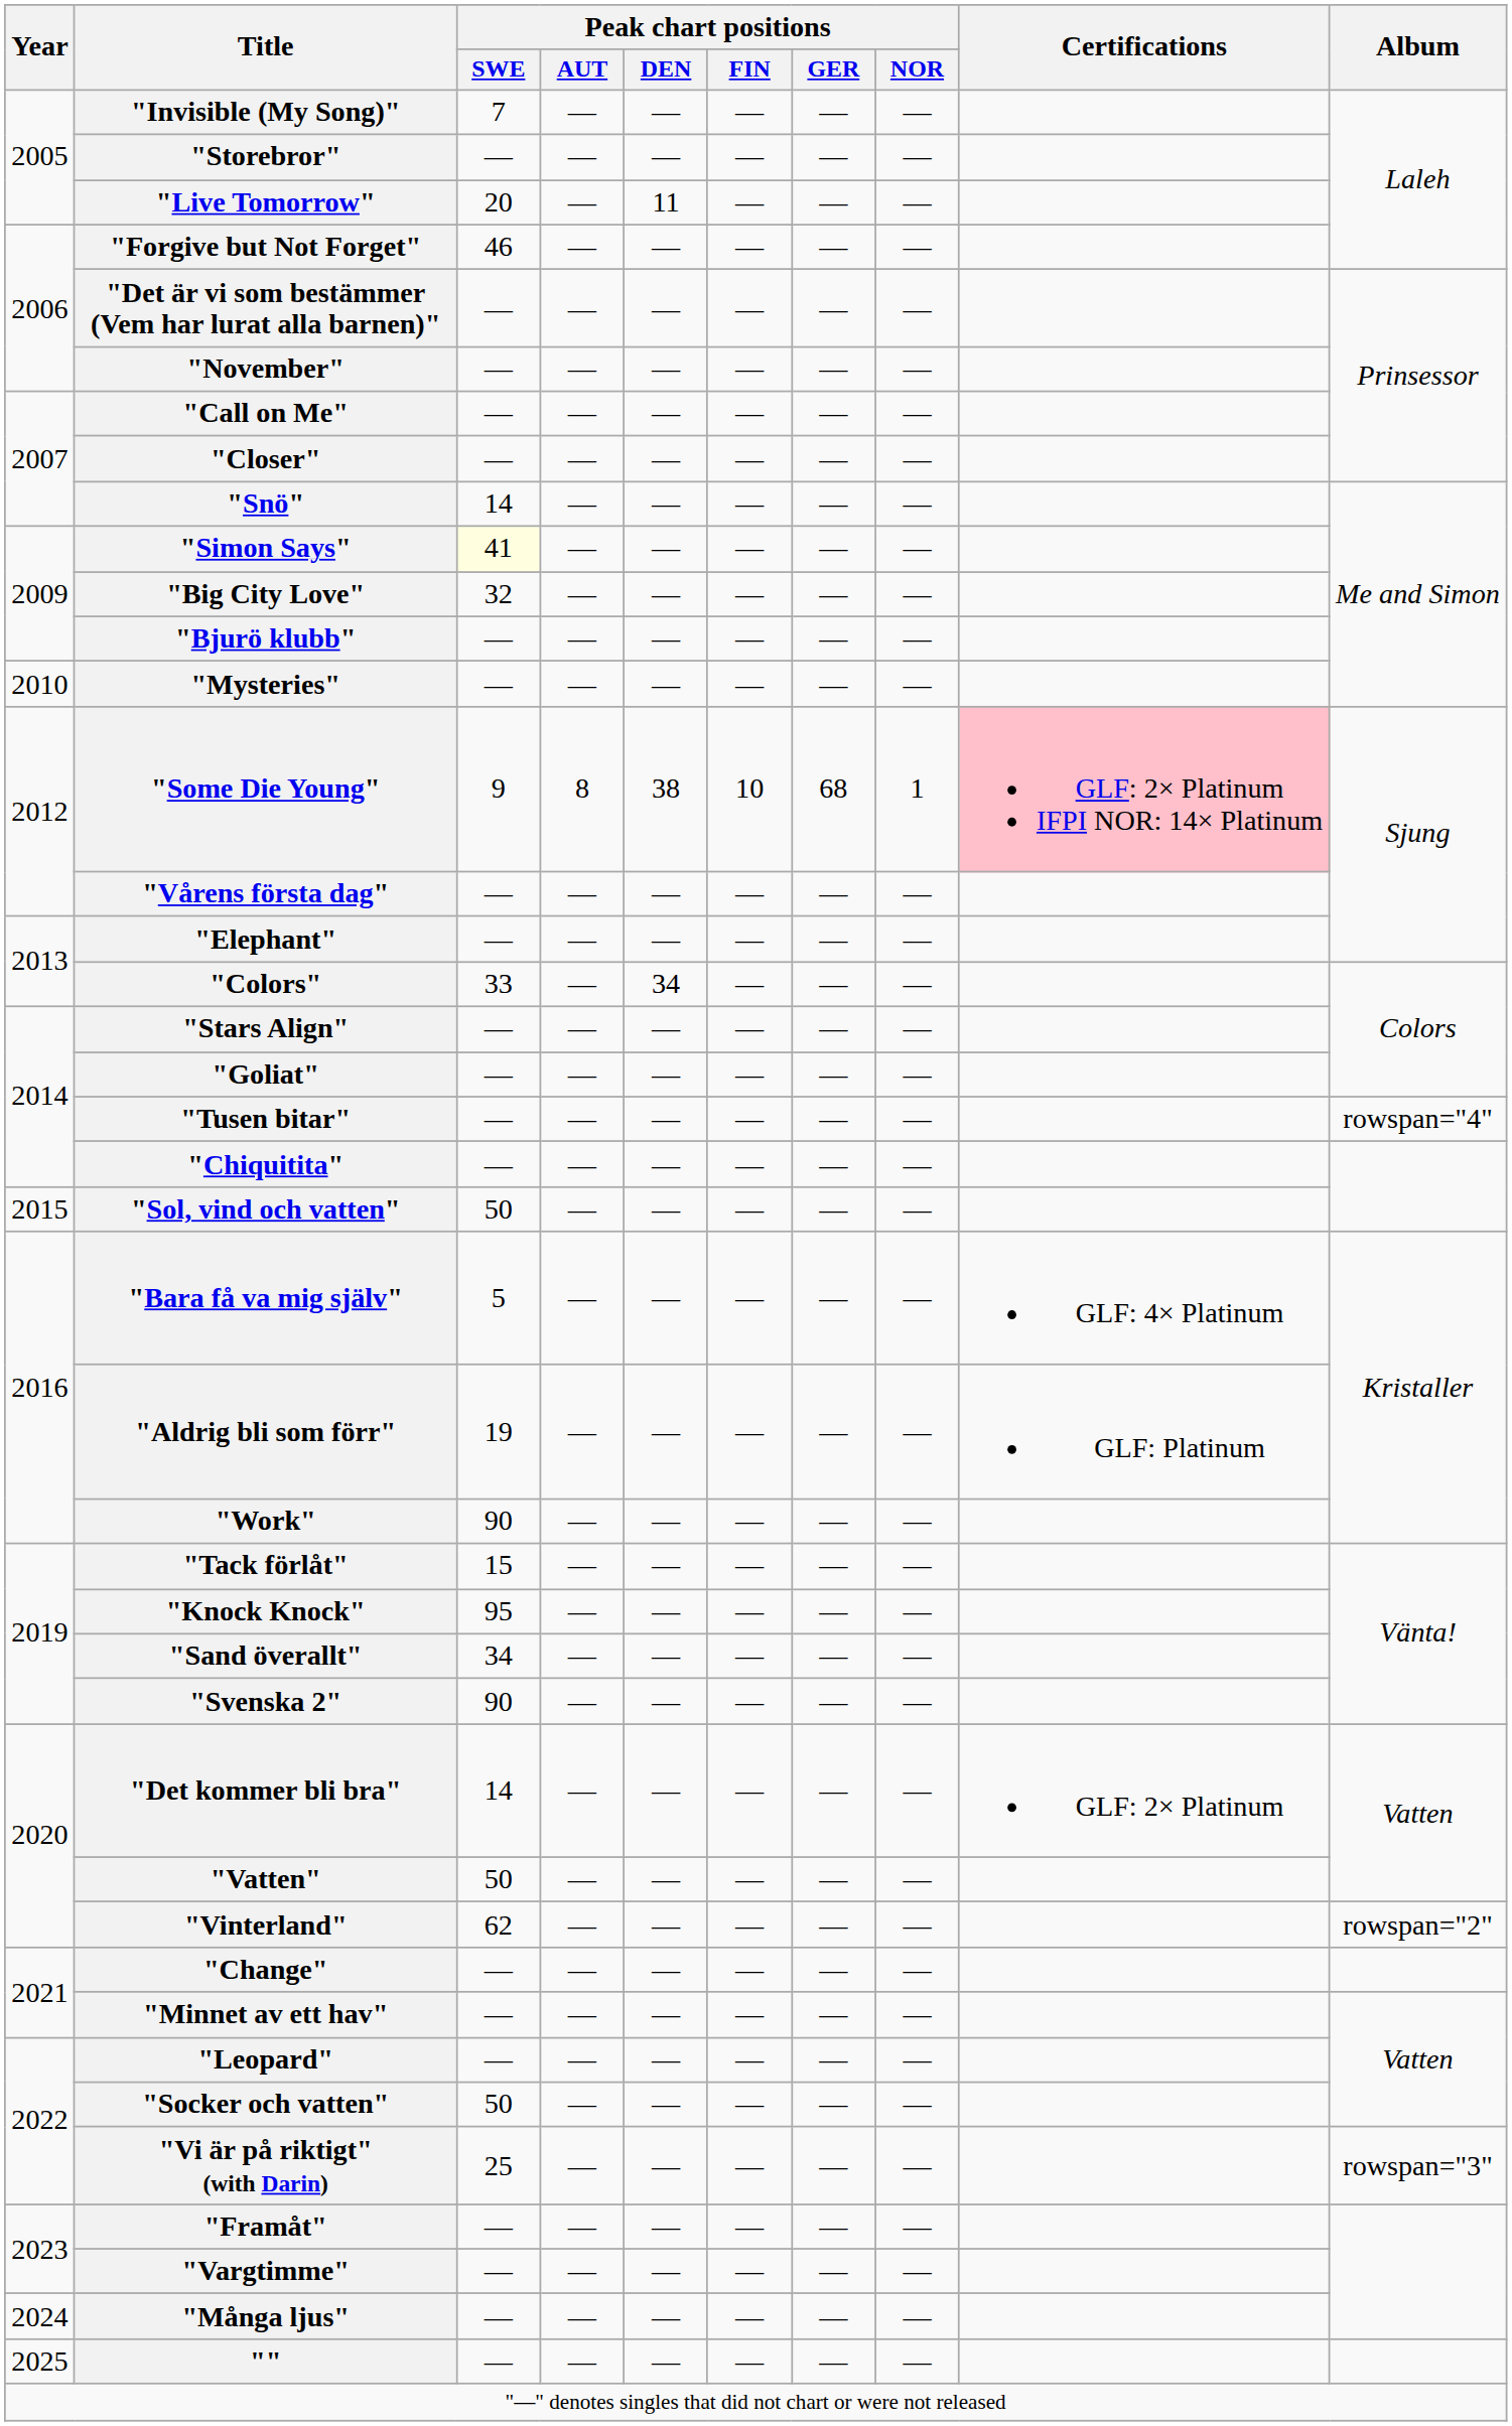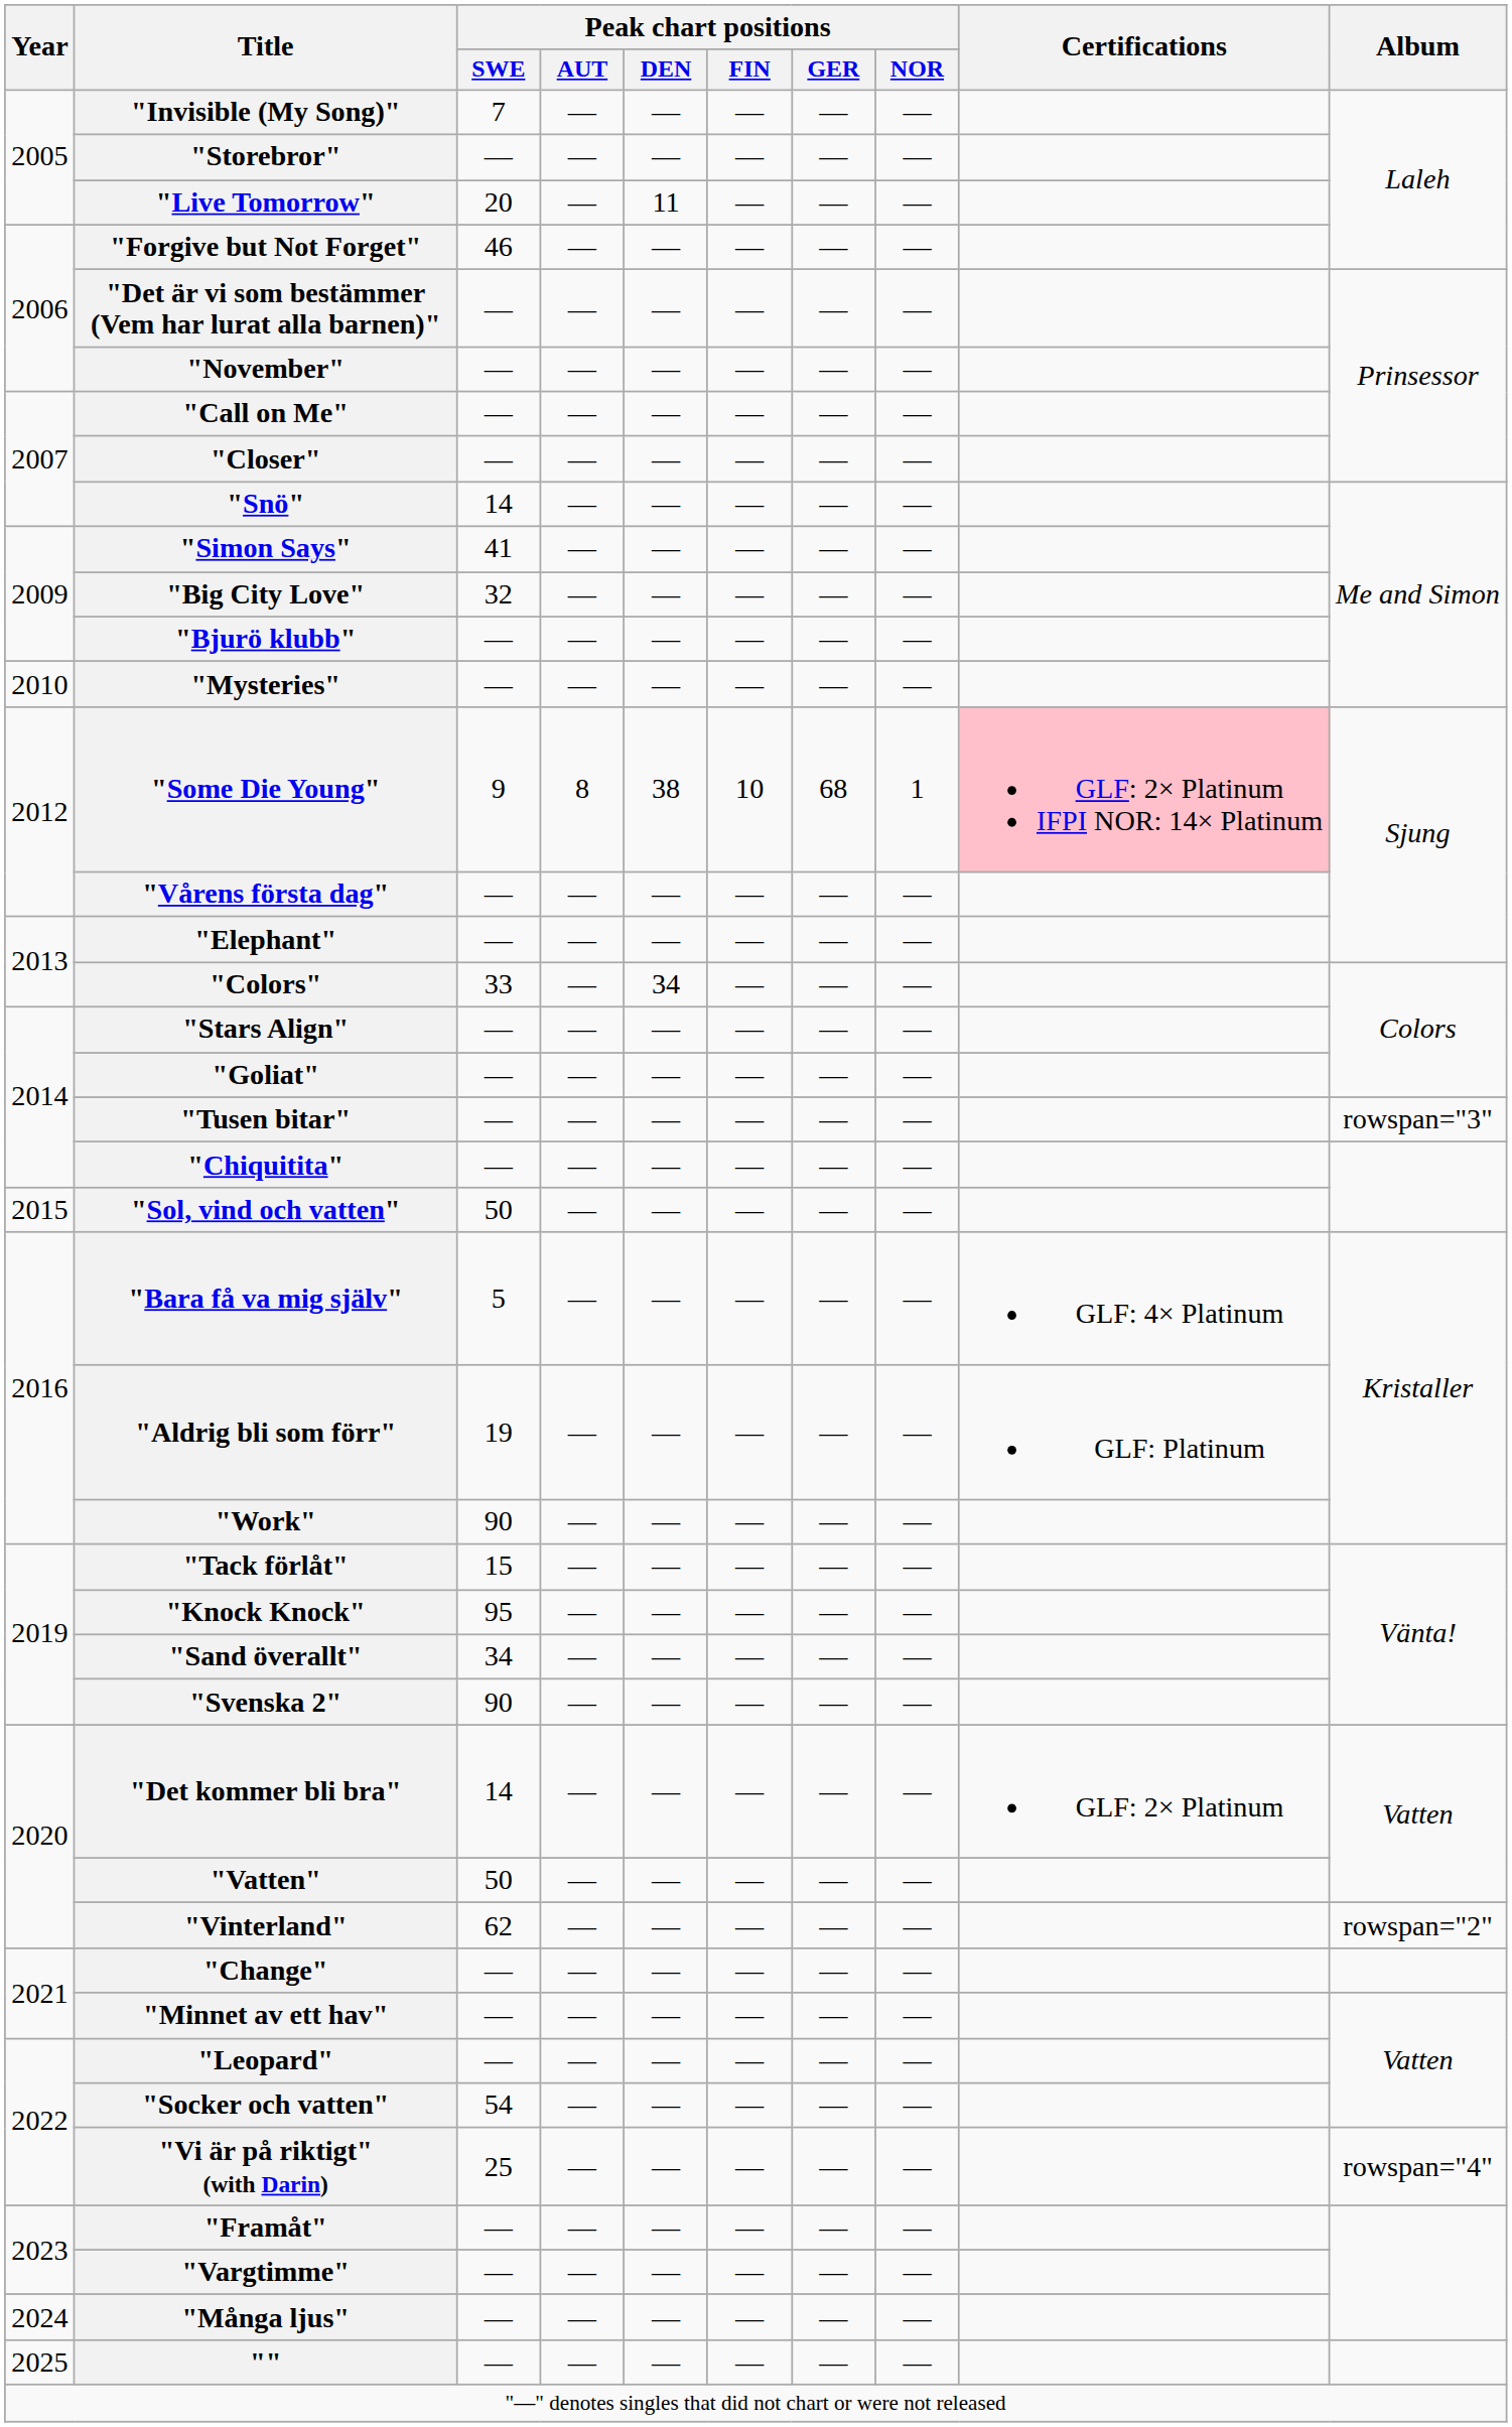 <table class="wikitable plainrowheaders" style="text-align:center;">
 <tr>
 <th scope="col" rowspan="2">Year</th>
 <th scope="colw" rowspan="2" style="width:13em;">Title</th>
 <th scope="col" colspan="6">Peak chart positions</th>
 <th scope="col" rowspan="2">Certifications</th>
 <th scope="col" rowspan="2">Album</th>
 </tr>
 <tr>
 <th scope="col" style="width:3em;font-size:85%;"><a href='#'>SWE</a><br></th>
 <th scope="col" style="width:3em;font-size:85%;"><a href='#'>AUT</a><br></th>
 <th scope="col" style="width:3em;font-size:85%;"><a href='#'>DEN</a><br></th>
 <th scope="col" style="width:3em;font-size:85%;"><a href='#'>FIN</a><br></th>
 <th scope="col" style="width:3em;font-size:85%;"><a href='#'>GER</a><br></th>
 <th scope="col" style="width:3em;font-size:85%;"><a href='#'>NOR</a><br></th>
 </tr>
 <tr>
 <td rowspan="3">2005</td>
 <th scope="row">"Invisible (My Song)"</th>
 <td>7</td>
 <td>—</td>
 <td>—</td>
 <td>—</td>
 <td>—</td>
 <td>—</td>
 <td></td>
 <td rowspan="4"><em>Laleh</em></td>
 </tr>
 <tr>
 <th scope="row">"Storebror"</th>
 <td>—</td>
 <td>—</td>
 <td>—</td>
 <td>—</td>
 <td>—</td>
 <td>—</td>
 <td></td>
 </tr>
 <tr>
 <th scope="row">"<a href='#'>Live Tomorrow</a>"</th>
 <td>20</td>
 <td>—</td>
 <td>11</td>
 <td>—</td>
 <td>—</td>
 <td>—</td>
 <td></td>
 </tr>
 <tr>
 <td rowspan="3">2006</td>
 <th scope="row">"Forgive but Not Forget"</th>
 <td>46</td>
 <td>—</td>
 <td>—</td>
 <td>—</td>
 <td>—</td>
 <td>—</td>
 <td></td>
 </tr>
 <tr>
 <th scope="row">"Det är vi som bestämmer <br>(Vem har lurat alla barnen)"</th>
 <td>—</td>
 <td>—</td>
 <td>—</td>
 <td>—</td>
 <td>—</td>
 <td>—</td>
 <td></td>
 <td rowspan="4"><em>Prinsessor</em></td>
 </tr>
 <tr>
 <th scope="row">"November"</th>
 <td>—</td>
 <td>—</td>
 <td>—</td>
 <td>—</td>
 <td>—</td>
 <td>—</td>
 <td></td>
 </tr>
 <tr>
 <td rowspan="3">2007</td>
 <th scope="row">"Call on Me"</th>
 <td>—</td>
 <td>—</td>
 <td>—</td>
 <td>—</td>
 <td>—</td>
 <td>—</td>
 <td></td>
 </tr>
 <tr>
 <th scope="row">"Closer"</th>
 <td>—</td>
 <td>—</td>
 <td>—</td>
 <td>—</td>
 <td>—</td>
 <td>—</td>
 <td></td>
 </tr>
 <tr>
 <th scope="row">"<a href='#'>Snö</a>"</th>
 <td>14</td>
 <td>—</td>
 <td>—</td>
 <td>—</td>
 <td>—</td>
 <td>—</td>
 <td></td>
 <td rowspan="5"><em>Me and Simon</em></td>
 </tr>
 <tr>
 <td rowspan="3">2009</td>
 <th scope="row">"<a href='#'>Simon Says</a>"</th>
-<td style="background: lightyellow;">41</td>
+<td>41</td>
 <td>—</td>
 <td>—</td>
 <td>—</td>
 <td>—</td>
 <td>—</td>
 <td></td>
 </tr>
 <tr>
 <th scope="row">"Big City Love"</th>
 <td>32</td>
 <td>—</td>
 <td>—</td>
 <td>—</td>
 <td>—</td>
 <td>—</td>
 <td></td>
 </tr>
 <tr>
 <th scope="row">"<a href='#'>Bjurö klubb</a>"</th>
 <td>—</td>
 <td>—</td>
 <td>—</td>
 <td>—</td>
 <td>—</td>
 <td>—</td>
 <td></td>
 </tr>
 <tr>
 <td>2010</td>
 <th scope="row">"Mysteries"</th>
 <td>—</td>
 <td>—</td>
 <td>—</td>
 <td>—</td>
 <td>—</td>
 <td>—</td>
 <td></td>
 </tr>
 <tr>
 <td rowspan="2">2012</td>
 <th scope="row">"<a href='#'>Some Die Young</a>"</th>
 <td>9</td>
 <td>8</td>
 <td>38</td>
 <td>10</td>
 <td>68</td>
 <td>1</td>
 <td style="background: pink;"><br><ul><li><a href='#'>GLF</a>: 2× Platinum</li><li><a href='#'>IFPI</a> NOR: 14× Platinum</li></ul></td>
 <td rowspan="3"><em>Sjung</em></td>
 </tr>
 <tr>
 <th scope="row">"<a href='#'>Vårens första dag</a>"</th>
 <td>—</td>
 <td>—</td>
 <td>—</td>
 <td>—</td>
 <td>—</td>
 <td>—</td>
 <td></td>
 </tr>
 <tr>
 <td rowspan=2>2013</td>
 <th scope="row">"Elephant"</th>
 <td>—</td>
 <td>—</td>
 <td>—</td>
 <td>—</td>
 <td>—</td>
 <td>—</td>
 <td></td>
 </tr>
 <tr>
 <th scope="row">"Colors"</th>
 <td>33</td>
 <td>—</td>
 <td>34</td>
 <td>—</td>
 <td>—</td>
 <td>—</td>
 <td></td>
 <td rowspan="3"><em>Colors</em></td>
 </tr>
 <tr>
 <td rowspan=4>2014</td>
 <th scope="row">"Stars Align"</th>
 <td>—</td>
 <td>—</td>
 <td>—</td>
 <td>—</td>
 <td>—</td>
 <td>—</td>
 <td></td>
 </tr>
 <tr>
 <th scope="row">"Goliat"</th>
 <td>—</td>
 <td>—</td>
 <td>—</td>
 <td>—</td>
 <td>—</td>
 <td>—</td>
 <td></td>
 </tr>
 <tr>
 <th scope="row">"Tusen bitar"</th>
 <td>—</td>
 <td>—</td>
 <td>—</td>
 <td>—</td>
 <td>—</td>
 <td>—</td>
 <td></td>
-<td>rowspan="4" </td>
+<td>rowspan="3" </td>
 </tr>
 <tr>
 <th scope="row">"<a href='#'>Chiquitita</a>"</th>
 <td>—</td>
 <td>—</td>
 <td>—</td>
 <td>—</td>
 <td>—</td>
 <td>—</td>
 <td></td>
 </tr>
 <tr>
 <td>2015</td>
 <th scope="row">"<a href='#'>Sol, vind och vatten</a>"</th>
 <td>50</td>
 <td>—</td>
 <td>—</td>
 <td>—</td>
 <td>—</td>
 <td>—</td>
 <td></td>
 </tr>
 <tr>
 <td rowspan="3">2016</td>
 <th scope="row">"<a href='#'>Bara få va mig själv</a>"</th>
 <td>5</td>
 <td>—</td>
 <td>—</td>
 <td>—</td>
 <td>—</td>
 <td>—</td>
 <td><br><ul><li>GLF: 4× Platinum</li></ul></td>
 <td rowspan="3"><em>Kristaller</em></td>
 </tr>
 <tr>
 <th scope="row">"Aldrig bli som förr"</th>
 <td>19</td>
 <td>—</td>
 <td>—</td>
 <td>—</td>
 <td>—</td>
 <td>—</td>
 <td><br><ul><li>GLF: Platinum</li></ul></td>
 </tr>
 <tr>
 <th scope="row">"Work"</th>
 <td>90</td>
 <td>—</td>
 <td>—</td>
 <td>—</td>
 <td>—</td>
 <td>—</td>
 <td></td>
 </tr>
 <tr>
 <td rowspan="4">2019</td>
 <th scope="row">"Tack förlåt"</th>
 <td>15</td>
 <td>—</td>
 <td>—</td>
 <td>—</td>
 <td>—</td>
 <td>—</td>
 <td></td>
 <td rowspan="4"><em>Vänta!</em></td>
 </tr>
 <tr>
 <th scope="row">"Knock Knock"</th>
 <td>95</td>
 <td>—</td>
 <td>—</td>
 <td>—</td>
 <td>—</td>
 <td>—</td>
 <td></td>
 </tr>
 <tr>
 <th scope="row">"Sand överallt"</th>
 <td>34</td>
 <td>—</td>
 <td>—</td>
 <td>—</td>
 <td>—</td>
 <td>—</td>
 <td></td>
 </tr>
 <tr>
 <th scope="row">"Svenska 2"</th>
 <td>90</td>
 <td>—</td>
 <td>—</td>
 <td>—</td>
 <td>—</td>
 <td>—</td>
 <td></td>
 </tr>
 <tr>
 <td rowspan="3">2020</td>
 <th scope="row">"Det kommer bli bra"</th>
 <td>14</td>
 <td>—</td>
 <td>—</td>
 <td>—</td>
 <td>—</td>
 <td>—</td>
 <td><br><ul><li>GLF: 2× Platinum</li></ul></td>
 <td rowspan="2"><em>Vatten</em></td>
 </tr>
 <tr>
 <th scope="row">"Vatten"</th>
 <td>50</td>
 <td>—</td>
 <td>—</td>
 <td>—</td>
 <td>—</td>
 <td>—</td>
 <td></td>
 </tr>
 <tr>
 <th scope="row">"Vinterland"</th>
 <td>62</td>
 <td>—</td>
 <td>—</td>
 <td>—</td>
 <td>—</td>
 <td>—</td>
 <td></td>
 <td>rowspan="2" </td>
 </tr>
 <tr>
 <td rowspan="2">2021</td>
 <th scope="row">"Change"</th>
 <td>—</td>
 <td>—</td>
 <td>—</td>
 <td>—</td>
 <td>—</td>
 <td>—</td>
 <td></td>
 </tr>
 <tr>
 <th scope="row">"Minnet av ett hav"</th>
 <td>—</td>
 <td>—</td>
 <td>—</td>
 <td>—</td>
 <td>—</td>
 <td>—</td>
 <td></td>
 <td rowspan="3"><em>Vatten</em></td>
 </tr>
 <tr>
 <td rowspan="3">2022</td>
 <th scope="row">"Leopard"</th>
 <td>—</td>
 <td>—</td>
 <td>—</td>
 <td>—</td>
 <td>—</td>
 <td>—</td>
 <td></td>
 </tr>
 <tr>
 <th scope="row">"Socker och vatten"</th>
-<td>50</td>
+<td>54<br></td>
 <td>—</td>
 <td>—</td>
 <td>—</td>
 <td>—</td>
 <td>—</td>
 <td></td>
 </tr>
 <tr>
 <th scope="row">"Vi är på riktigt"<br><small>(with <a href='#'>Darin</a>)</small></th>
 <td>25<br></td>
 <td>—</td>
 <td>—</td>
 <td>—</td>
 <td>—</td>
 <td>—</td>
 <td></td>
-<td>rowspan="3" </td>
+<td>rowspan="4" </td>
 </tr>
 <tr>
 <td rowspan="2">2023</td>
 <th scope="row">"Framåt"</th>
 <td>—</td>
 <td>—</td>
 <td>—</td>
 <td>—</td>
 <td>—</td>
 <td>—</td>
 <td></td>
 </tr>
 <tr>
 <th scope="row">"Vargtimme"</th>
 <td>—</td>
 <td>—</td>
 <td>—</td>
 <td>—</td>
 <td>—</td>
 <td>—</td>
 <td></td>
 </tr>
 <tr>
 <td>2024</td>
 <th scope="row">"Många ljus"</th>
 <td>—</td>
 <td>—</td>
 <td>—</td>
 <td>—</td>
 <td>—</td>
 <td>—</td>
 <td></td>
 </tr>
 <tr>
 <td>2025</td>
 <th scope="row">""</th>
 <td>—</td>
 <td>—</td>
 <td>—</td>
 <td>—</td>
 <td>—</td>
 <td>—</td>
 <td></td>
 <td></td>
 </tr>
 <tr>
 <td colspan="13" style="font-size:9pt">"—" denotes singles that did not chart or were not released</td>
 </tr>
 </table>
